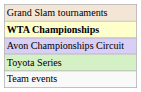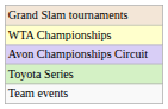 <table class=wikitable  style=font-size:90%;width:15%>
 <tr style="background:#F3E6D7;">
 <td>Grand Slam tournaments</td>
 </tr>
 <tr style="background:#ffc;">
-<td><strong>WTA Championships</strong></td>
+<td>WTA Championships</td>
 </tr>
 <tr style="background:#d8cef6;">
 <td>Avon Championships Circuit</td>
 </tr>
 <tr style="background:#D4F1C5;">
 <td>Toyota Series</td>
 </tr>
 <tr>
 <td>Team events</td>
 </tr>
 </table>
